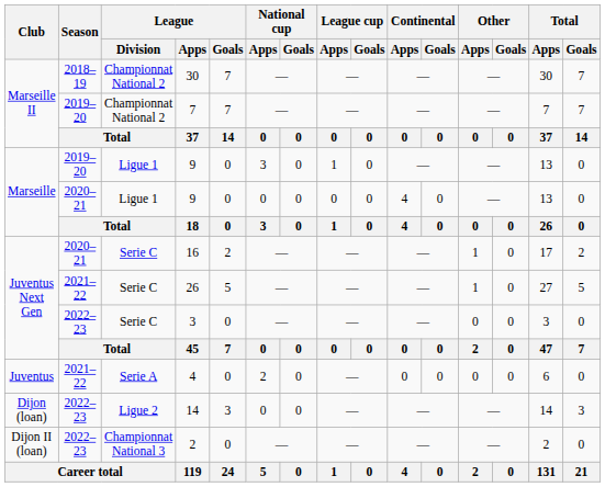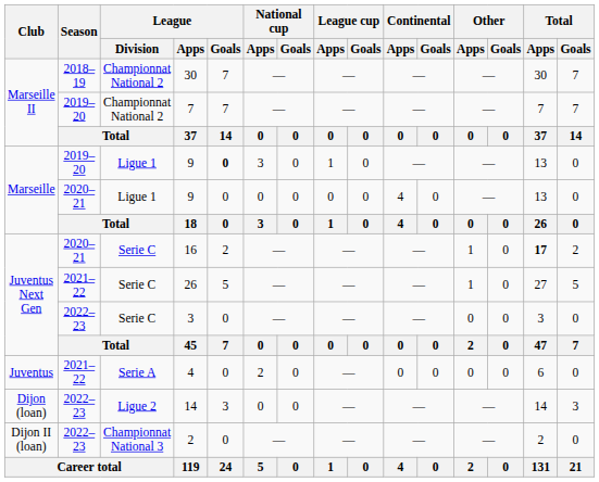 <table class="wikitable" style="text-align: center">
 <tr>
 <th rowspan="2">Club</th>
 <th rowspan="2">Season</th>
 <th colspan="3">League</th>
 <th colspan="2">National cup</th>
 <th colspan="2">League cup</th>
 <th colspan="2">Continental</th>
 <th colspan="2">Other</th>
 <th colspan="2">Total</th>
 </tr>
 <tr>
 <th>Division</th>
 <th>Apps</th>
 <th>Goals</th>
 <th>Apps</th>
 <th>Goals</th>
 <th>Apps</th>
 <th>Goals</th>
 <th>Apps</th>
 <th>Goals</th>
 <th>Apps</th>
 <th>Goals</th>
 <th>Apps</th>
 <th>Goals</th>
 </tr>
 <tr>
 <td rowspan="3"><a href='#'>Marseille II</a></td>
 <td><a href='#'>2018–19</a></td>
 <td><a href='#'>Championnat National 2</a></td>
 <td>30</td>
 <td>7</td>
 <td colspan="2">—</td>
 <td colspan="2">—</td>
 <td colspan="2">—</td>
 <td colspan="2">—</td>
 <td>30</td>
 <td>7</td>
 </tr>
 <tr>
 <td><a href='#'>2019–20</a></td>
 <td>Championnat National 2</td>
 <td>7</td>
 <td>7</td>
 <td colspan="2">—</td>
 <td colspan="2">—</td>
 <td colspan="2">—</td>
 <td colspan="2">—</td>
 <td>7</td>
 <td>7</td>
 </tr>
 <tr>
 <th colspan="2">Total</th>
 <th>37</th>
 <th>14</th>
 <th>0</th>
 <th>0</th>
 <th>0</th>
 <th>0</th>
 <th>0</th>
 <th>0</th>
 <th>0</th>
 <th>0</th>
 <th>37</th>
 <th>14</th>
 </tr>
 <tr>
 <td rowspan="3"><a href='#'>Marseille</a></td>
 <td><a href='#'>2019–20</a></td>
 <td><a href='#'>Ligue 1</a></td>
 <td>9</td>
-<td>0</td>
+<td><strong>0</strong></td>
 <td>3</td>
 <td>0</td>
 <td>1</td>
 <td>0</td>
 <td colspan="2">—</td>
 <td colspan="2">—</td>
 <td>13</td>
 <td>0</td>
 </tr>
 <tr>
 <td><a href='#'>2020–21</a></td>
 <td>Ligue 1</td>
 <td>9</td>
 <td>0</td>
 <td>0</td>
 <td>0</td>
 <td>0</td>
 <td>0</td>
 <td>4</td>
 <td>0</td>
 <td colspan="2">—</td>
 <td>13</td>
 <td>0</td>
 </tr>
 <tr>
 <th colspan="2">Total</th>
 <th>18</th>
 <th>0</th>
 <th>3</th>
 <th>0</th>
 <th>1</th>
 <th>0</th>
 <th>4</th>
 <th>0</th>
 <th>0</th>
 <th>0</th>
 <th>26</th>
 <th>0</th>
 </tr>
 <tr>
 <td rowspan="4"><a href='#'>Juventus Next Gen</a></td>
 <td><a href='#'>2020–21</a></td>
 <td><a href='#'>Serie C</a></td>
 <td>16</td>
 <td>2</td>
 <td colspan="2">—</td>
 <td colspan="2">—</td>
 <td colspan="2">—</td>
 <td>1</td>
 <td>0</td>
-<td>17</td>
+<td><strong>17</strong></td>
 <td>2</td>
 </tr>
 <tr>
 <td><a href='#'>2021–22</a></td>
 <td>Serie C</td>
 <td>26</td>
 <td>5</td>
 <td colspan="2">—</td>
 <td colspan="2">—</td>
 <td colspan="2">—</td>
 <td>1</td>
 <td>0</td>
 <td>27</td>
 <td>5</td>
 </tr>
 <tr>
 <td><a href='#'>2022–23</a></td>
 <td>Serie C</td>
 <td>3</td>
 <td>0</td>
 <td colspan="2">—</td>
 <td colspan="2">—</td>
 <td colspan="2">—</td>
 <td>0</td>
 <td>0</td>
 <td>3</td>
 <td>0</td>
 </tr>
 <tr>
 <th colspan="2">Total</th>
 <th>45</th>
 <th>7</th>
 <th>0</th>
 <th>0</th>
 <th>0</th>
 <th>0</th>
 <th>0</th>
 <th>0</th>
 <th>2</th>
 <th>0</th>
 <th>47</th>
 <th>7</th>
 </tr>
 <tr>
 <td><a href='#'>Juventus</a></td>
 <td><a href='#'>2021–22</a></td>
 <td><a href='#'>Serie A</a></td>
 <td>4</td>
 <td>0</td>
 <td>2</td>
 <td>0</td>
 <td colspan="2">—</td>
 <td>0</td>
 <td>0</td>
 <td>0</td>
 <td>0</td>
 <td>6</td>
 <td>0</td>
 </tr>
 <tr>
 <td><a href='#'>Dijon</a> (loan)</td>
 <td><a href='#'>2022–23</a></td>
 <td><a href='#'>Ligue 2</a></td>
 <td>14</td>
 <td>3</td>
 <td>0</td>
 <td>0</td>
 <td colspan="2">—</td>
 <td colspan="2">—</td>
 <td colspan="2">—</td>
 <td>14</td>
 <td>3</td>
 </tr>
 <tr>
 <td>Dijon II (loan)</td>
 <td><a href='#'>2022–23</a></td>
 <td><a href='#'>Championnat National 3</a></td>
 <td>2</td>
 <td>0</td>
 <td colspan="2">—</td>
 <td colspan="2">—</td>
 <td colspan="2">—</td>
 <td colspan="2">—</td>
 <td>2</td>
 <td>0</td>
 </tr>
 <tr>
 <th colspan="3">Career total</th>
 <th>119</th>
 <th>24</th>
 <th>5</th>
 <th>0</th>
 <th>1</th>
 <th>0</th>
 <th>4</th>
 <th>0</th>
 <th>2</th>
 <th>0</th>
 <th>131</th>
 <th>21</th>
 </tr>
 </table>
